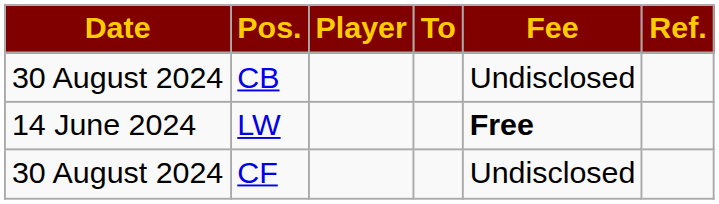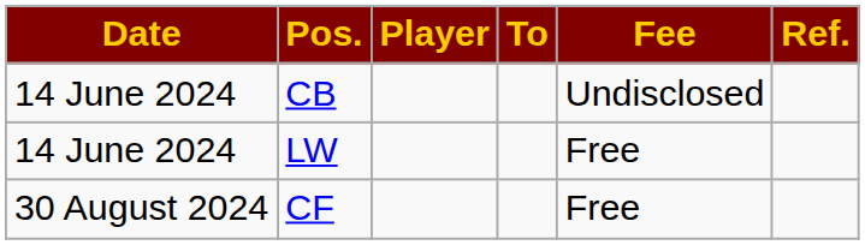 <table class="wikitable plainrowheaders sortable">
 <tr>
 <th style="color:#FFCC00; background:#800000; ">Date</th>
 <th style="color:#FFCC00; background:#800000; ">Pos.</th>
 <th style="color:#FFCC00; background:#800000; ">Player</th>
 <th style="color:#FFCC00; background:#800000; ">To</th>
 <th style="color:#FFCC00; background:#800000; ">Fee</th>
 <th style="color:#FFCC00; background:#800000; ">Ref.</th>
 </tr>
 <tr>
-<td>30 August 2024</td>
+<td>14 June 2024</td>
 <td><a href='#'>CB</a></td>
 <td></td>
 <td></td>
 <td>Undisclosed</td>
 <td></td>
 </tr>
 <tr>
 <td>14 June 2024</td>
 <td><a href='#'>LW</a></td>
 <td></td>
 <td></td>
-<td><strong>Free</strong></td>
+<td>Free</td>
 <td></td>
 </tr>
 <tr>
 <td>30 August 2024</td>
 <td><a href='#'>CF</a></td>
 <td></td>
 <td></td>
-<td>Undisclosed</td>
+<td>Free</td>
 <td></td>
 </tr>
 </table>
